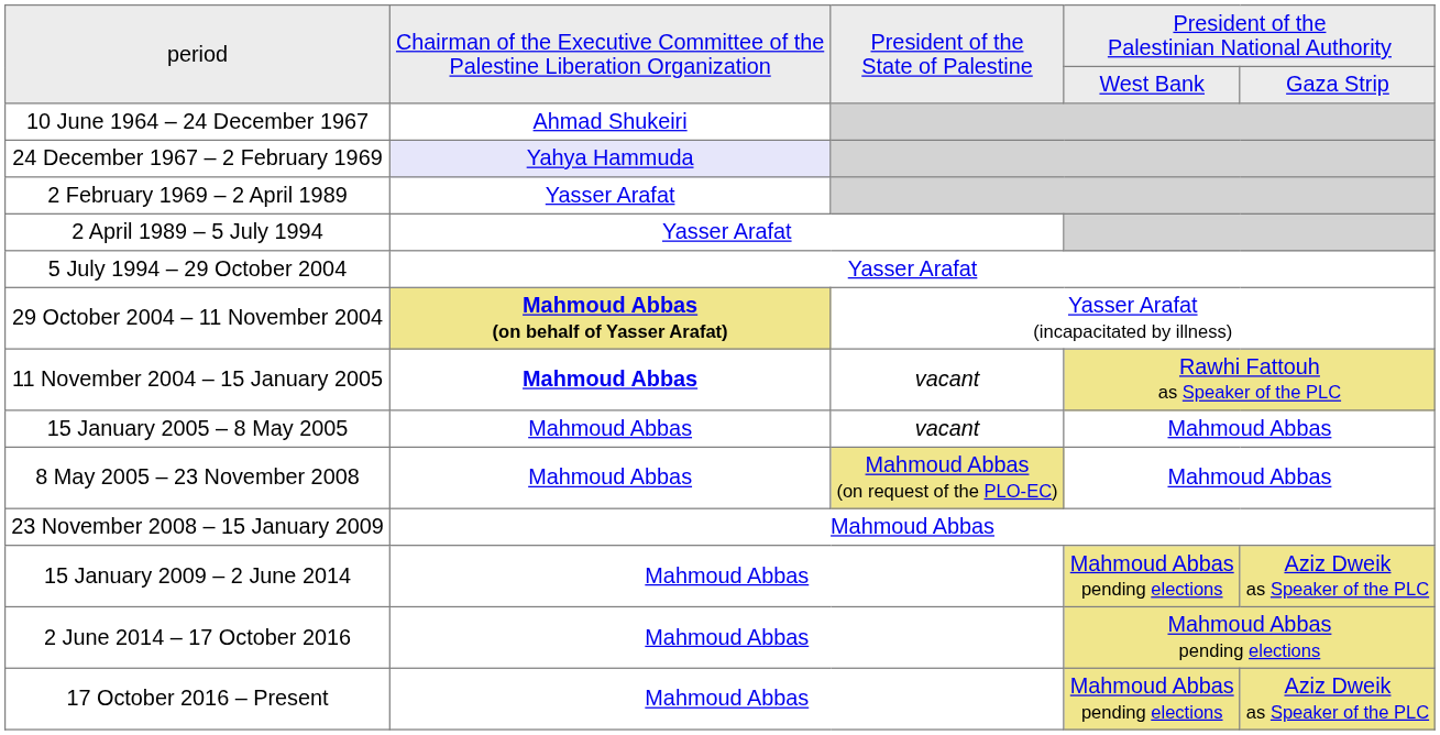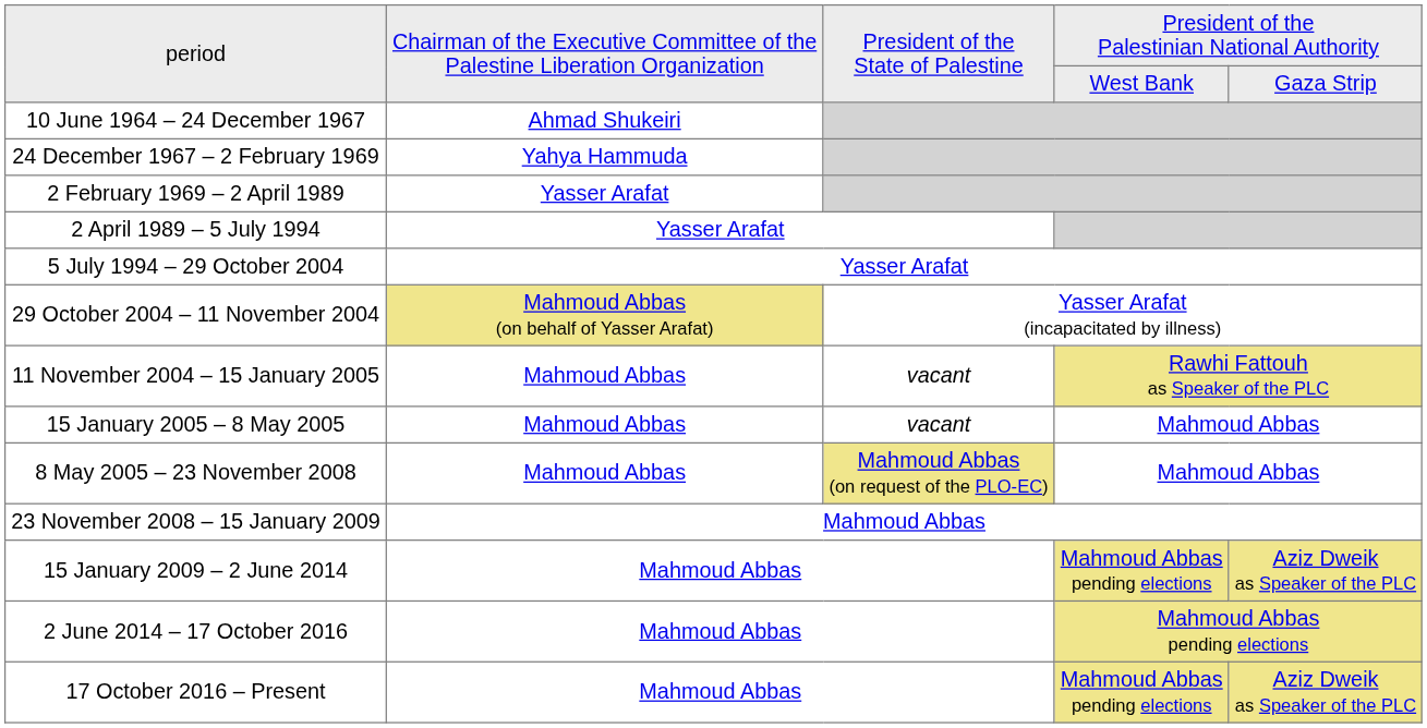 <table border="1" cellpadding="4" cellspacing=0 class="toccolours" style="border-collapse:collapse">
 <tr bgcolor="#ececec" align="center">
 <td rowspan="2">period</td>
 <td rowspan="2"><a href='#'>Chairman of the Executive Committee of the<br>Palestine Liberation Organization</a></td>
 <td rowspan="2"><a href='#'>President of the<br>State of Palestine</a></td>
 <td colspan="2"><a href='#'>President of the<br>Palestinian National Authority</a></td>
 </tr>
 <tr bgcolor="#ececec" align="center">
 <td><a href='#'>West Bank</a></td>
 <td><a href='#'>Gaza Strip</a></td>
 </tr>
 <tr align="center">
 <td>10 June 1964 – 24 December 1967</td>
 <td><a href='#'>Ahmad Shukeiri</a></td>
 <td colspan="3" bgcolor=lightgray></td>
 </tr>
 <tr align="center">
 <td>24 December 1967 – 2 February 1969</td>
-<td style="background: lavender;"><a href='#'>Yahya Hammuda</a></td>
+<td><a href='#'>Yahya Hammuda</a></td>
 <td colspan="3" bgcolor=lightgray></td>
 </tr>
 <tr align="center">
 <td>2 February 1969 – 2 April 1989</td>
 <td><a href='#'>Yasser Arafat</a></td>
 <td colspan="3" bgcolor=lightgray></td>
 </tr>
 <tr align="center">
 <td>2 April 1989 – 5 July 1994</td>
 <td colspan="2"><a href='#'>Yasser Arafat</a></td>
 <td colspan="2" bgcolor=lightgray></td>
 </tr>
 <tr align="center">
 <td>5 July 1994 – 29 October 2004</td>
 <td colspan="4"><a href='#'>Yasser Arafat</a></td>
 </tr>
 <tr align="center">
 <td>29 October 2004 – 11 November 2004</td>
-<td bgcolor=khaki><strong><a href='#'>Mahmoud Abbas</a><br><small>(on behalf of Yasser Arafat)</small></strong></td>
+<td bgcolor=khaki><a href='#'>Mahmoud Abbas</a><br><small>(on behalf of Yasser Arafat)</small></td>
 <td colspan="3"><a href='#'>Yasser Arafat</a><br><small>(incapacitated by illness)</small></td>
 </tr>
 <tr align="center">
 <td>11 November 2004 – 15 January 2005</td>
-<td><strong><a href='#'>Mahmoud Abbas</a></strong></td>
+<td><a href='#'>Mahmoud Abbas</a></td>
 <td><em>vacant</em></td>
 <td colspan="2" bgcolor=khaki><a href='#'>Rawhi Fattouh</a><br><small>as <a href='#'>Speaker of the PLC</a></small></td>
 </tr>
 <tr align="center">
 <td>15 January 2005 – 8 May 2005</td>
 <td><a href='#'>Mahmoud Abbas</a></td>
 <td><em>vacant</em></td>
 <td colspan="2"><a href='#'>Mahmoud Abbas</a></td>
 </tr>
 <tr align="center">
 <td>8 May 2005 – 23 November 2008</td>
 <td><a href='#'>Mahmoud Abbas</a></td>
 <td bgcolor=khaki><a href='#'>Mahmoud Abbas</a><br><small>(on request of the <a href='#'>PLO-EC</a>)</small></td>
 <td colspan="2"><a href='#'>Mahmoud Abbas</a></td>
 </tr>
 <tr align="center">
 <td>23 November 2008 – 15 January 2009</td>
 <td colspan="4"><a href='#'>Mahmoud Abbas</a></td>
 </tr>
 <tr align="center">
 <td>15 January 2009 – 2 June 2014</td>
 <td colspan="2"><a href='#'>Mahmoud Abbas</a></td>
 <td bgcolor=khaki><a href='#'>Mahmoud Abbas</a><br><small>pending <a href='#'>elections</a></small></td>
 <td bgcolor=khaki><a href='#'>Aziz Dweik</a><br><small>as <a href='#'>Speaker of the PLC</a></small></td>
 </tr>
 <tr align="center">
 <td>2 June 2014 – 17 October 2016</td>
 <td colspan="2"><a href='#'>Mahmoud Abbas</a></td>
 <td colspan="2" bgcolor="khaki"><a href='#'>Mahmoud Abbas</a><br><small>pending <a href='#'>elections</a></small></td>
 </tr>
 <tr align="center">
 <td>17 October 2016 – Present</td>
 <td colspan="2"><a href='#'>Mahmoud Abbas</a></td>
 <td bgcolor=khaki><a href='#'>Mahmoud Abbas</a><br><small>pending <a href='#'>elections</a></small></td>
 <td bgcolor=khaki><a href='#'>Aziz Dweik</a><br><small>as <a href='#'>Speaker of the PLC</a></small></td>
 </tr>
 </table>
